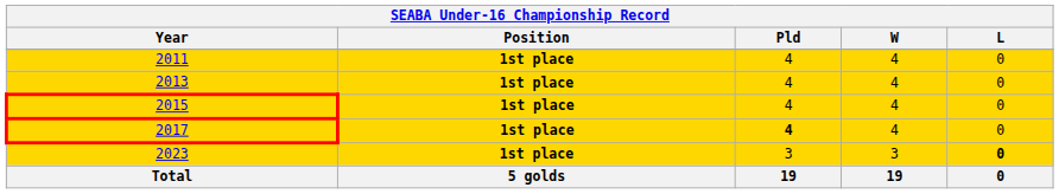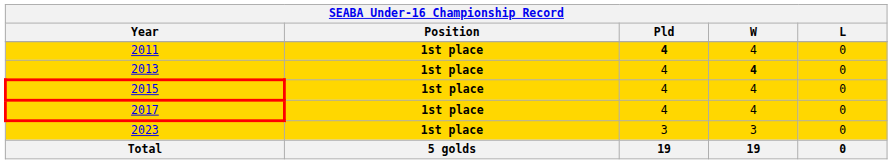 <table class="wikitable collapsible autocollapse" style="text-align: center; font-size:95%;" width=60%>
 <tr>
 <th colspan=9><a href='#'> SEABA Under-16 Championship Record</a></th>
 </tr>
 <tr>
 <th width=25%>Year</th>
 <th width=30%>Position</th>
 <th width=8%>Pld</th>
 <th width=8%>W</th>
 <th width=8%>L</th>
 </tr>
 <tr>
 </tr>
 <tr bgcolor=gold>
 <td> <a href='#'>2011</a></td>
 <td><strong>1st place</strong></td>
-<td>4</td>
+<td><strong>4</strong></td>
 <td>4</td>
 <td>0</td>
 </tr>
 <tr bgcolor=gold>
 <td> <a href='#'>2013</a></td>
 <td><strong>1st place</strong></td>
 <td>4</td>
-<td>4</td>
+<td><strong>4</strong></td>
 <td>0</td>
 </tr>
 <tr bgcolor=gold>
 <td style="border: 3px solid red"> <a href='#'>2015</a></td>
 <td><strong>1st place</strong></td>
 <td>4</td>
 <td>4</td>
 <td>0</td>
 </tr>
 <tr bgcolor=gold>
 <td style="border: 3px solid red"> <a href='#'>2017</a></td>
 <td><strong>1st place</strong></td>
-<td><strong>4</strong></td>
+<td>4</td>
 <td>4</td>
 <td>0</td>
 </tr>
 <tr bgcolor=gold>
 <td> <a href='#'>2023</a></td>
 <td><strong>1st place</strong></td>
 <td>3</td>
 <td>3</td>
-<td><strong>0</strong></td>
+<td>0</td>
 </tr>
 <tr>
 <th><strong>Total</strong></th>
 <th>5 golds</th>
 <th>19</th>
 <th>19</th>
 <th>0</th>
 </tr>
 </table>
